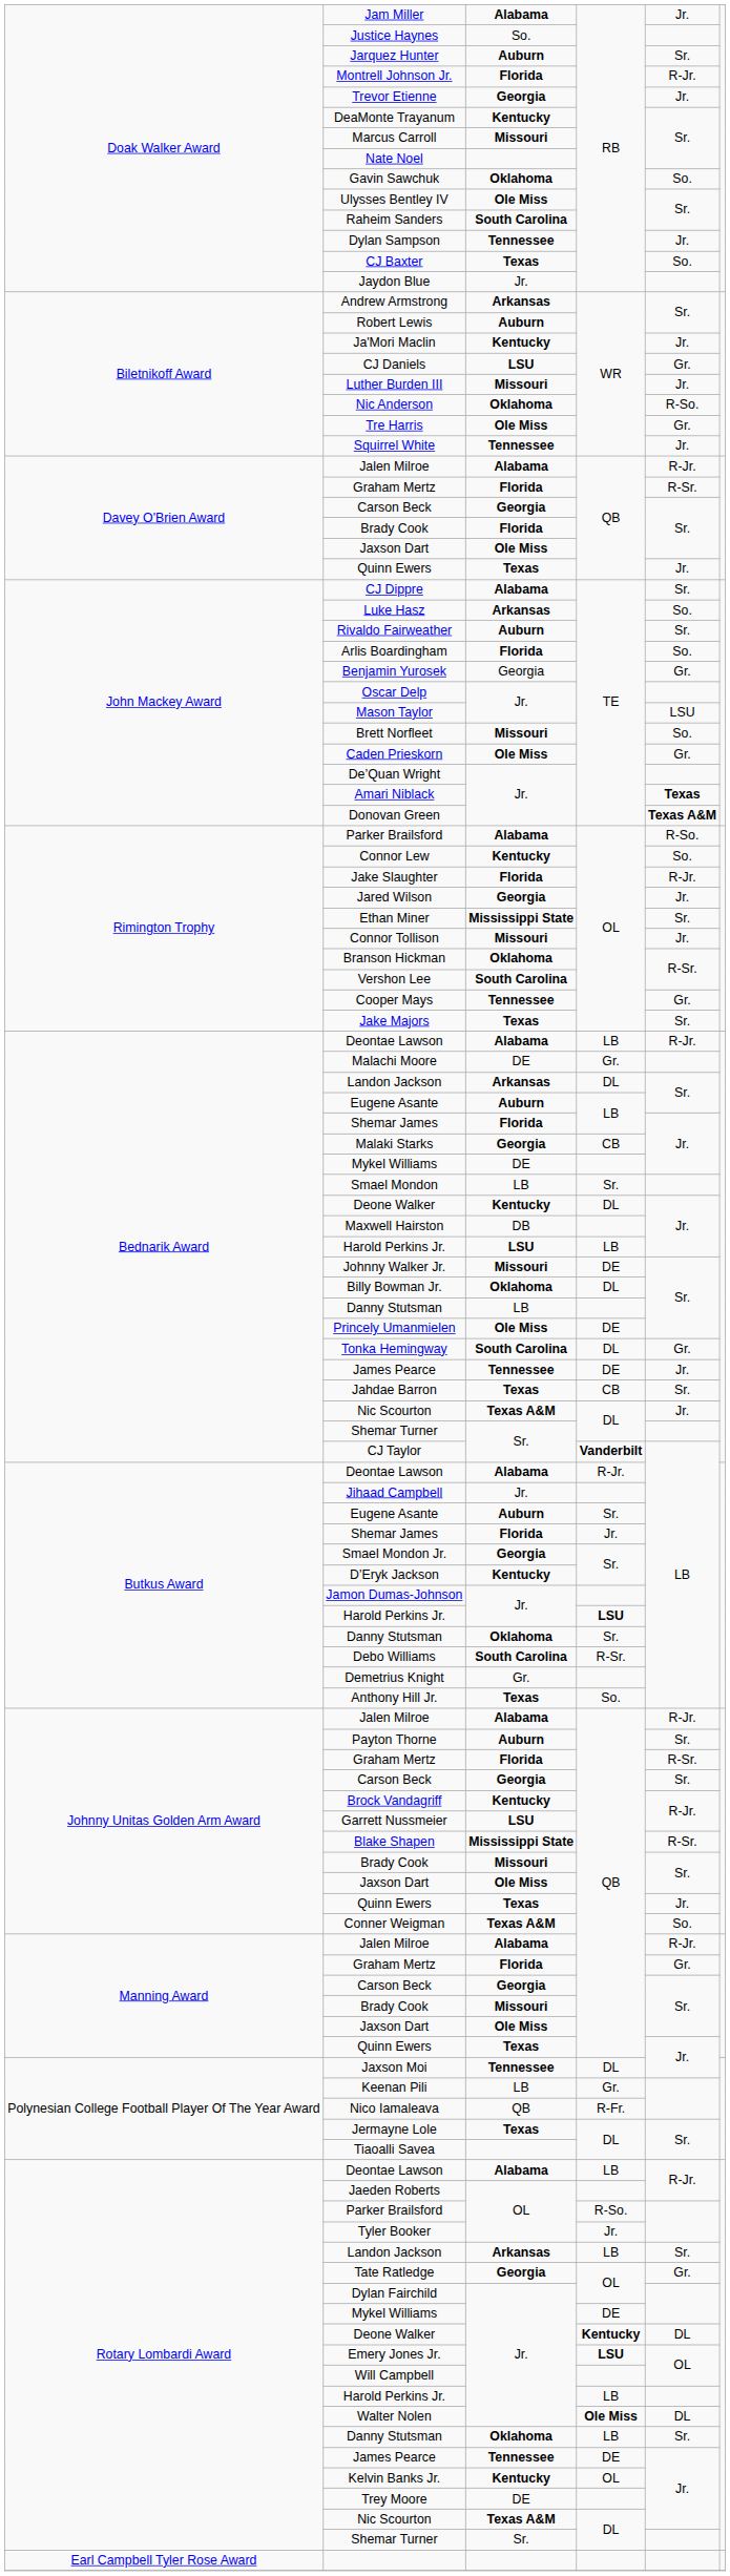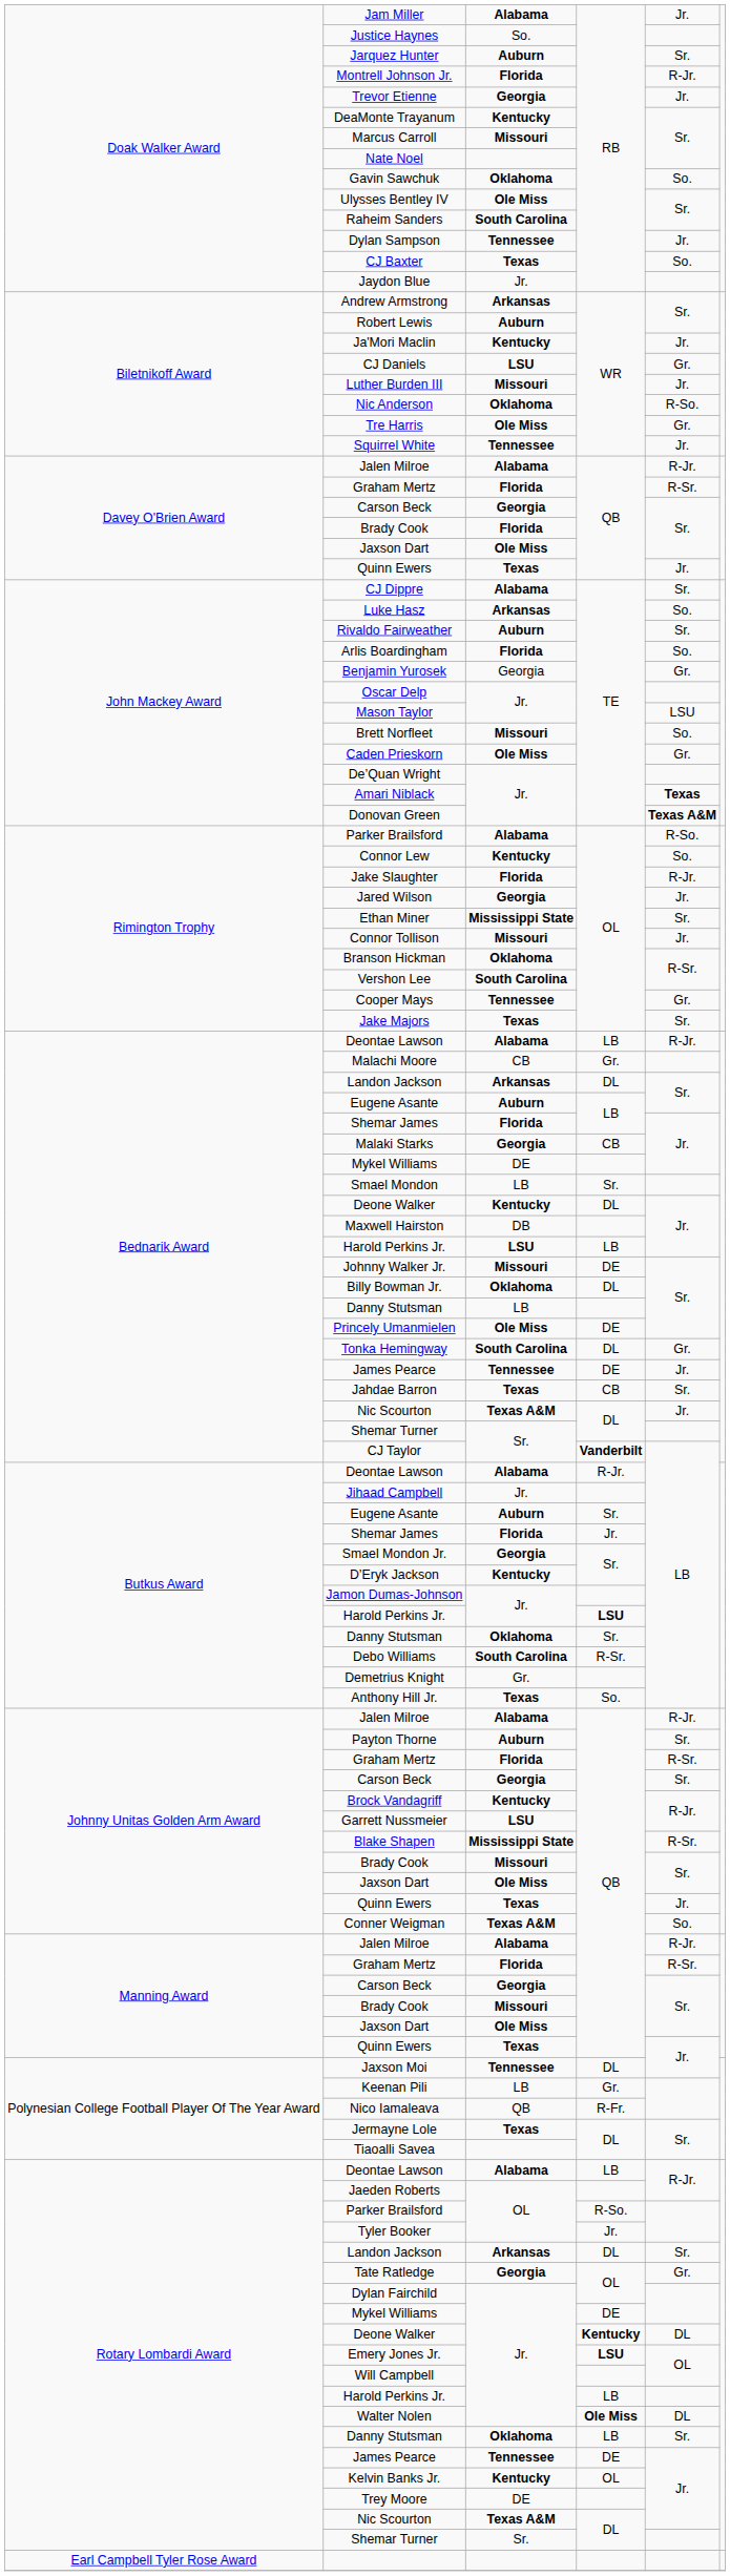 <table class="wikitable" style="text-align:center;">
 <tr>
 <td rowspan=14><a href='#'>Doak Walker Award</a></td>
 <td><a href='#'>Jam Miller</a></td>
 <td><strong>Alabama</strong></td>
 <td rowspan=14>RB</td>
 <td>Jr.</td>
 <td rowspan=14></td>
 </tr>
 <tr>
 <td><a href='#'>Justice Haynes</a></td>
 <td>So.</td>
 </tr>
 <tr>
 <td><a href='#'>Jarquez Hunter</a></td>
 <td><strong>Auburn</strong></td>
 <td>Sr.</td>
 </tr>
 <tr>
 <td><a href='#'>Montrell Johnson Jr.</a></td>
 <td><strong>Florida</strong></td>
 <td>R-Jr.</td>
 </tr>
 <tr>
 <td><a href='#'>Trevor Etienne</a></td>
 <td><strong>Georgia</strong></td>
 <td>Jr.</td>
 </tr>
 <tr>
 <td>DeaMonte Trayanum</td>
 <td><strong>Kentucky</strong></td>
 <td rowspan=3>Sr.</td>
 </tr>
 <tr>
 <td>Marcus Carroll</td>
 <td><strong>Missouri</strong></td>
 </tr>
 <tr>
 <td><a href='#'>Nate Noel</a></td>
 </tr>
 <tr>
 <td>Gavin Sawchuk</td>
 <td><strong>Oklahoma</strong></td>
 <td>So.</td>
 </tr>
 <tr>
 <td>Ulysses Bentley IV</td>
 <td><strong>Ole Miss</strong></td>
 <td rowspan=2>Sr.</td>
 </tr>
 <tr>
 <td>Raheim Sanders</td>
 <td><strong>South Carolina</strong></td>
 </tr>
 <tr>
 <td>Dylan Sampson</td>
 <td><strong>Tennessee</strong></td>
 <td>Jr.</td>
 </tr>
 <tr>
 <td><a href='#'>CJ Baxter</a></td>
 <td><strong>Texas</strong></td>
 <td>So.</td>
 </tr>
 <tr>
 <td>Jaydon Blue</td>
 <td>Jr.</td>
 </tr>
 <tr>
 <td rowspan=8><a href='#'>Biletnikoff Award</a></td>
 <td>Andrew Armstrong</td>
 <td><strong>Arkansas</strong></td>
 <td rowspan=8>WR</td>
 <td rowspan=2>Sr.</td>
 <td rowspan=8></td>
 </tr>
 <tr>
 <td>Robert Lewis</td>
 <td><strong>Auburn</strong></td>
 </tr>
 <tr>
 <td>Ja'Mori Maclin</td>
 <td><strong>Kentucky</strong></td>
 <td>Jr.</td>
 </tr>
 <tr>
 <td>CJ Daniels</td>
 <td><strong>LSU</strong></td>
 <td>Gr.</td>
 </tr>
 <tr>
 <td><a href='#'>Luther Burden III</a></td>
 <td><strong>Missouri</strong></td>
 <td>Jr.</td>
 </tr>
 <tr>
 <td><a href='#'>Nic Anderson</a></td>
 <td><strong>Oklahoma</strong></td>
 <td>R-So.</td>
 </tr>
 <tr>
 <td><a href='#'>Tre Harris</a></td>
 <td><strong>Ole Miss</strong></td>
 <td>Gr.</td>
 </tr>
 <tr>
 <td><a href='#'>Squirrel White</a></td>
 <td><strong>Tennessee</strong></td>
 <td>Jr.</td>
 </tr>
 <tr>
 <td rowspan=6><a href='#'>Davey O'Brien Award</a></td>
 <td>Jalen Milroe</td>
 <td><strong>Alabama</strong></td>
 <td rowspan=6>QB</td>
 <td>R-Jr.</td>
 <td rowspan=6></td>
 </tr>
 <tr>
 <td>Graham Mertz</td>
 <td><strong>Florida</strong></td>
 <td>R-Sr.</td>
 </tr>
 <tr>
 <td>Carson Beck</td>
 <td><strong>Georgia</strong></td>
 <td rowspan=3>Sr.</td>
 </tr>
 <tr>
 <td>Brady Cook</td>
 <td><strong>Florida</strong></td>
 </tr>
 <tr>
 <td>Jaxson Dart</td>
 <td><strong>Ole Miss</strong></td>
 </tr>
 <tr>
 <td>Quinn Ewers</td>
 <td><strong>Texas</strong></td>
 <td>Jr.</td>
 </tr>
 <tr>
 <td rowspan=12><a href='#'>John Mackey Award</a></td>
 <td><a href='#'>CJ Dippre</a></td>
 <td><strong>Alabama</strong></td>
 <td rowspan=12>TE</td>
 <td>Sr.</td>
 <td rowspan=12></td>
 </tr>
 <tr>
 <td><a href='#'>Luke Hasz</a></td>
 <td><strong>Arkansas</strong></td>
 <td>So.</td>
 </tr>
 <tr>
 <td><a href='#'>Rivaldo Fairweather</a></td>
 <td><strong>Auburn</strong></td>
 <td>Sr.</td>
 </tr>
 <tr>
 <td>Arlis Boardingham</td>
 <td><strong>Florida</strong></td>
 <td>So.</td>
 </tr>
 <tr>
 <td><a href='#'>Benjamin Yurosek</a></td>
 <td>Georgia</td>
 <td>Gr.</td>
 </tr>
 <tr>
 <td><a href='#'>Oscar Delp</a></td>
 <td rowspan=2>Jr.</td>
 </tr>
 <tr>
 <td><a href='#'>Mason Taylor</a></td>
 <td>LSU</td>
 </tr>
 <tr>
 <td>Brett Norfleet</td>
 <td><strong>Missouri</strong></td>
 <td>So.</td>
 </tr>
 <tr>
 <td><a href='#'>Caden Prieskorn</a></td>
 <td><strong>Ole Miss</strong></td>
 <td>Gr.</td>
 </tr>
 <tr>
 <td>De’Quan Wright</td>
 <td rowspan=3>Jr.</td>
 </tr>
 <tr>
 <td><a href='#'>Amari Niblack</a></td>
 <td><strong>Texas</strong></td>
 </tr>
 <tr>
 <td>Donovan Green</td>
 <td><strong>Texas A&M</strong></td>
 </tr>
 <tr>
 <td rowspan=10><a href='#'>Rimington Trophy</a></td>
 <td>Parker Brailsford</td>
 <td><strong>Alabama</strong></td>
 <td rowspan=10>OL</td>
 <td>R-So.</td>
 <td rowspan=10></td>
 </tr>
 <tr>
 <td>Connor Lew</td>
 <td><strong>Kentucky</strong></td>
 <td>So.</td>
 </tr>
 <tr>
 <td>Jake Slaughter</td>
 <td><strong>Florida</strong></td>
 <td>R-Jr.</td>
 </tr>
 <tr>
 <td>Jared Wilson</td>
 <td><strong>Georgia</strong></td>
 <td>Jr.</td>
 </tr>
 <tr>
 <td>Ethan Miner</td>
 <td><strong>Mississippi State</strong></td>
 <td>Sr.</td>
 </tr>
 <tr>
 <td>Connor Tollison</td>
 <td><strong>Missouri</strong></td>
 <td>Jr.</td>
 </tr>
 <tr>
 <td>Branson Hickman</td>
 <td><strong>Oklahoma</strong></td>
 <td rowspan=2>R-Sr.</td>
 </tr>
 <tr>
 <td>Vershon Lee</td>
 <td><strong>South Carolina</strong></td>
 </tr>
 <tr>
 <td>Cooper Mays</td>
 <td><strong>Tennessee</strong></td>
 <td>Gr.</td>
 </tr>
 <tr>
 <td><a href='#'>Jake Majors</a></td>
 <td><strong>Texas</strong></td>
 <td>Sr.</td>
 </tr>
 <tr>
 <td rowspan=21><a href='#'>Bednarik Award</a></td>
 <td>Deontae Lawson</td>
 <td><strong>Alabama</strong></td>
 <td>LB</td>
 <td>R-Jr.</td>
 <td rowspan=21></td>
 </tr>
 <tr>
 <td>Malachi Moore</td>
-<td>DE</td>
+<td>CB</td>
 <td>Gr.</td>
 </tr>
 <tr>
 <td>Landon Jackson</td>
 <td><strong>Arkansas</strong></td>
 <td>DL</td>
 <td rowspan=2>Sr.</td>
 </tr>
 <tr>
 <td>Eugene Asante</td>
 <td><strong>Auburn</strong></td>
 <td rowspan=2>LB</td>
 </tr>
 <tr>
 <td>Shemar James</td>
 <td><strong>Florida</strong></td>
 <td rowspan=3>Jr.</td>
 </tr>
 <tr>
 <td>Malaki Starks</td>
 <td><strong>Georgia</strong></td>
 <td>CB</td>
 </tr>
 <tr>
 <td>Mykel Williams</td>
 <td>DE</td>
 </tr>
 <tr>
 <td>Smael Mondon</td>
 <td>LB</td>
 <td>Sr.</td>
 </tr>
 <tr>
 <td>Deone Walker</td>
 <td><strong>Kentucky</strong></td>
 <td>DL</td>
 <td rowspan=3>Jr.</td>
 </tr>
 <tr>
 <td>Maxwell Hairston</td>
 <td>DB</td>
 </tr>
 <tr>
 <td>Harold Perkins Jr.</td>
 <td><strong>LSU</strong></td>
 <td>LB</td>
 </tr>
 <tr>
 <td>Johnny Walker Jr.</td>
 <td><strong>Missouri</strong></td>
 <td>DE</td>
 <td rowspan=4>Sr.</td>
 </tr>
 <tr>
 <td>Billy Bowman Jr.</td>
 <td><strong>Oklahoma</strong></td>
 <td>DL</td>
 </tr>
 <tr>
 <td>Danny Stutsman</td>
 <td>LB</td>
 </tr>
 <tr>
 <td><a href='#'>Princely Umanmielen</a></td>
 <td><strong>Ole Miss</strong></td>
 <td>DE</td>
 </tr>
 <tr>
 <td><a href='#'>Tonka Hemingway</a></td>
 <td><strong>South Carolina</strong></td>
 <td>DL</td>
 <td>Gr.</td>
 </tr>
 <tr>
 <td>James Pearce</td>
 <td><strong>Tennessee</strong></td>
 <td>DE</td>
 <td>Jr.</td>
 </tr>
 <tr>
 <td>Jahdae Barron</td>
 <td><strong>Texas</strong></td>
 <td>CB</td>
 <td>Sr.</td>
 </tr>
 <tr>
 <td>Nic Scourton</td>
 <td><strong>Texas A&M</strong></td>
 <td rowspan=2>DL</td>
 <td>Jr.</td>
 </tr>
 <tr>
 <td>Shemar Turner</td>
 <td rowspan=2>Sr.</td>
 </tr>
 <tr>
 <td>CJ Taylor</td>
 <td><strong>Vanderbilt</strong></td>
 <td rowspan=13>LB</td>
 </tr>
 <tr>
 <td rowspan=12><a href='#'>Butkus Award</a></td>
 <td>Deontae Lawson</td>
 <td><strong>Alabama</strong></td>
 <td>R-Jr.</td>
 <td rowspan=12></td>
 </tr>
 <tr>
 <td><a href='#'>Jihaad Campbell</a></td>
 <td>Jr.</td>
 </tr>
 <tr>
 <td>Eugene Asante</td>
 <td><strong>Auburn</strong></td>
 <td>Sr.</td>
 </tr>
 <tr>
 <td>Shemar James</td>
 <td><strong>Florida</strong></td>
 <td>Jr.</td>
 </tr>
 <tr>
 <td>Smael Mondon Jr.</td>
 <td><strong>Georgia</strong></td>
 <td rowspan=2>Sr.</td>
 </tr>
 <tr>
 <td>D’Eryk Jackson</td>
 <td><strong>Kentucky</strong></td>
 </tr>
 <tr>
 <td><a href='#'>Jamon Dumas-Johnson</a></td>
 <td rowspan=2>Jr.</td>
 </tr>
 <tr>
 <td>Harold Perkins Jr.</td>
 <td><strong>LSU</strong></td>
 </tr>
 <tr>
 <td>Danny Stutsman</td>
 <td><strong>Oklahoma</strong></td>
 <td>Sr.</td>
 </tr>
 <tr>
 <td>Debo Williams</td>
 <td><strong>South Carolina</strong></td>
 <td>R-Sr.</td>
 </tr>
 <tr>
 <td>Demetrius Knight</td>
 <td>Gr.</td>
 </tr>
 <tr>
 <td>Anthony Hill Jr.</td>
 <td><strong>Texas</strong></td>
 <td>So.</td>
 </tr>
 <tr>
 <td rowspan=11><a href='#'>Johnny Unitas Golden Arm Award</a></td>
 <td>Jalen Milroe</td>
 <td><strong>Alabama</strong></td>
 <td rowspan=17>QB</td>
 <td>R-Jr.</td>
 <td rowspan=11></td>
 </tr>
 <tr>
 <td>Payton Thorne</td>
 <td><strong>Auburn</strong></td>
 <td>Sr.</td>
 </tr>
 <tr>
 <td>Graham Mertz</td>
 <td><strong>Florida</strong></td>
 <td>R-Sr.</td>
 </tr>
 <tr>
 <td>Carson Beck</td>
 <td><strong>Georgia</strong></td>
 <td>Sr.</td>
 </tr>
 <tr>
 <td><a href='#'>Brock Vandagriff</a></td>
 <td><strong>Kentucky</strong></td>
 <td rowspan=2>R-Jr.</td>
 </tr>
 <tr>
 <td>Garrett Nussmeier</td>
 <td><strong>LSU</strong></td>
 </tr>
 <tr>
 <td><a href='#'>Blake Shapen</a></td>
 <td><strong>Mississippi State</strong></td>
 <td>R-Sr.</td>
 </tr>
 <tr>
 <td>Brady Cook</td>
 <td><strong>Missouri</strong></td>
 <td rowspan=2>Sr.</td>
 </tr>
 <tr>
 <td>Jaxson Dart</td>
 <td><strong>Ole Miss</strong></td>
 </tr>
 <tr>
 <td>Quinn Ewers</td>
 <td><strong>Texas</strong></td>
 <td>Jr.</td>
 </tr>
 <tr>
 <td>Conner Weigman</td>
 <td><strong>Texas A&M</strong></td>
 <td>So.</td>
 </tr>
 <tr>
 <td rowspan=6><a href='#'>Manning Award</a></td>
 <td>Jalen Milroe</td>
 <td><strong>Alabama</strong></td>
 <td>R-Jr.</td>
 <td rowspan=6></td>
 </tr>
 <tr>
 <td>Graham Mertz</td>
 <td><strong>Florida</strong></td>
-<td>Gr.</td>
+<td>R-Sr.</td>
 </tr>
 <tr>
 <td>Carson Beck</td>
 <td><strong>Georgia</strong></td>
 <td rowspan=3>Sr.</td>
 </tr>
 <tr>
 <td>Brady Cook</td>
 <td><strong>Missouri</strong></td>
 </tr>
 <tr>
 <td>Jaxson Dart</td>
 <td><strong>Ole Miss</strong></td>
 </tr>
 <tr>
 <td>Quinn Ewers</td>
 <td><strong>Texas</strong></td>
 <td rowspan=2>Jr.</td>
 </tr>
 <tr>
 <td rowspan=5>Polynesian College Football Player Of The Year Award</td>
 <td>Jaxson Moi</td>
 <td><strong>Tennessee</strong></td>
 <td>DL</td>
 <td rowspan=5></td>
 </tr>
 <tr>
 <td>Keenan Pili</td>
 <td>LB</td>
 <td>Gr.</td>
 </tr>
 <tr>
 <td>Nico Iamaleava</td>
 <td>QB</td>
 <td>R-Fr.</td>
 </tr>
 <tr>
 <td>Jermayne Lole</td>
 <td><strong>Texas</strong></td>
 <td rowspan=2>DL</td>
 <td rowspan=2>Sr.</td>
 </tr>
 <tr>
 <td>Tiaoalli Savea</td>
 </tr>
 <tr>
 <td rowspan=19><a href='#'>Rotary Lombardi Award</a></td>
 <td>Deontae Lawson</td>
 <td><strong>Alabama</strong></td>
 <td>LB</td>
 <td rowspan=2>R-Jr.</td>
 <td rowspan=19></td>
 </tr>
 <tr>
 <td>Jaeden Roberts</td>
 <td rowspan=3>OL</td>
 </tr>
 <tr>
 <td>Parker Brailsford</td>
 <td>R-So.</td>
 </tr>
 <tr>
 <td>Tyler Booker</td>
 <td>Jr.</td>
 </tr>
 <tr>
 <td>Landon Jackson</td>
 <td><strong>Arkansas</strong></td>
-<td>LB</td>
+<td>DL</td>
 <td>Sr.</td>
 </tr>
 <tr>
 <td>Tate Ratledge</td>
 <td><strong>Georgia</strong></td>
 <td rowspan=2>OL</td>
 <td>Gr.</td>
 </tr>
 <tr>
 <td>Dylan Fairchild</td>
 <td rowspan=7>Jr.</td>
 </tr>
 <tr>
 <td>Mykel Williams</td>
 <td>DE</td>
 </tr>
 <tr>
 <td>Deone Walker</td>
 <td><strong>Kentucky</strong></td>
 <td>DL</td>
 </tr>
 <tr>
 <td>Emery Jones Jr.</td>
 <td><strong>LSU</strong></td>
 <td rowspan=2>OL</td>
 </tr>
 <tr>
 <td>Will Campbell</td>
 </tr>
 <tr>
 <td>Harold Perkins Jr.</td>
 <td>LB</td>
 </tr>
 <tr>
 <td>Walter Nolen</td>
 <td><strong>Ole Miss</strong></td>
 <td>DL</td>
 </tr>
 <tr>
 <td>Danny Stutsman</td>
 <td><strong>Oklahoma</strong></td>
 <td>LB</td>
 <td>Sr.</td>
 </tr>
 <tr>
 <td>James Pearce</td>
 <td><strong>Tennessee</strong></td>
 <td>DE</td>
 <td rowspan=4>Jr.</td>
 </tr>
 <tr>
 <td>Kelvin Banks Jr.</td>
 <td><strong>Kentucky</strong></td>
 <td>OL</td>
 </tr>
 <tr>
 <td>Trey Moore</td>
 <td>DE</td>
 </tr>
 <tr>
 <td>Nic Scourton</td>
 <td><strong>Texas A&M</strong></td>
 <td rowspan=2>DL</td>
 </tr>
 <tr>
 <td>Shemar Turner</td>
 <td>Sr.</td>
 </tr>
 <tr>
 <td><a href='#'>Earl Campbell Tyler Rose Award</a></td>
 <td></td>
 <td></td>
 <td></td>
 <td></td>
 <td></td>
 </tr>
 <tr ->
 </tr>
 </table>
